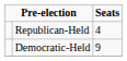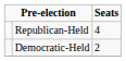 <table class= "wikitable">
 <tr>
 <td colspan= "2" rowspan= "1" align= "center" valign= "top"><strong>Pre-election</strong></td>
 <td valign= "top"><strong>Seats</strong><br></td>
 </tr>
 <tr>
 <td style="background-color:"> </td>
 <td>Republican-Held</td>
 <td>4</td>
 </tr>
 <tr>
 <td style="background-color:"> </td>
 <td>Democratic-Held</td>
-<td>9</td>
+<td>2</td>
 </tr>
 <tr>
 </tr>
 </table>
